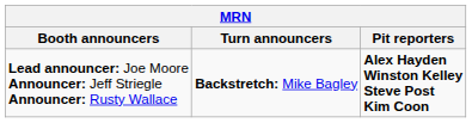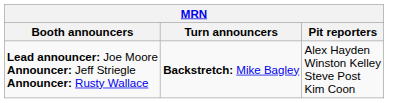 <table class="wikitable" style="font-size: 95%;">
 <tr>
 <th colspan="3"><a href='#'>MRN</a></th>
 </tr>
 <tr>
 <th>Booth announcers</th>
 <th>Turn announcers</th>
 <th>Pit reporters</th>
 </tr>
 <tr>
 <td><strong>Lead announcer:</strong> Joe Moore<br><strong>Announcer:</strong> Jeff Striegle<br><strong>Announcer:</strong> <a href='#'>Rusty Wallace</a></td>
 <td><strong>Backstretch:</strong> <a href='#'>Mike Bagley</a></td>
-<td><strong>Alex Hayden<br>Winston Kelley<br>Steve Post<br>Kim Coon</strong></td>
+<td>Alex Hayden<br>Winston Kelley<br>Steve Post<br>Kim Coon</td>
 </tr>
 </table>
